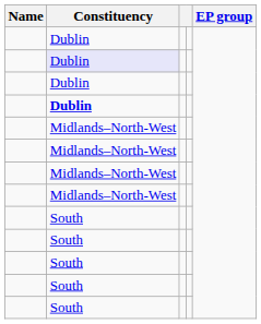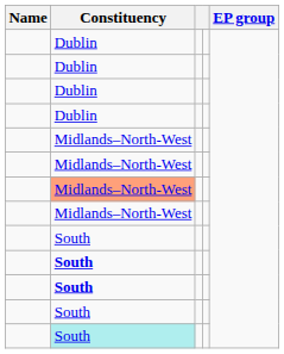 <table class="wikitable sortable">
 <tr>
 <th>Name</th>
 <th>Constituency</th>
 <th colspan=2></th>
 <th colspan=2><a href='#'>EP group</a></th>
 </tr>
 <tr>
 <td></td>
 <td><a href='#'>Dublin</a></td>
 <td></td>
 <td></td>
 </tr>
 <tr>
 <td></td>
-<td style="background: lavender;"><a href='#'>Dublin</a></td>
+<td><a href='#'>Dublin</a></td>
 <td></td>
 <td></td>
 </tr>
 <tr>
 <td></td>
 <td><a href='#'>Dublin</a></td>
 <td></td>
 <td></td>
 </tr>
 <tr>
 <td></td>
-<td><strong><a href='#'>Dublin</a></strong></td>
+<td><a href='#'>Dublin</a></td>
 <td></td>
 <td></td>
 </tr>
 <tr>
 <td></td>
 <td><a href='#'>Midlands–North-West</a></td>
 <td></td>
 <td></td>
 </tr>
 <tr>
 <td></td>
 <td><a href='#'>Midlands–North-West</a></td>
 <td></td>
 <td></td>
 </tr>
 <tr>
 <td></td>
-<td><a href='#'>Midlands–North-West</a></td>
+<td style="background: lightsalmon;"><a href='#'>Midlands–North-West</a></td>
 <td></td>
 <td></td>
 </tr>
 <tr>
 <td></td>
 <td><a href='#'>Midlands–North-West</a></td>
 <td></td>
 <td></td>
 </tr>
 <tr>
 <td></td>
 <td><a href='#'>South</a></td>
 <td></td>
 <td></td>
 </tr>
 <tr>
 <td></td>
-<td><a href='#'>South</a></td>
+<td><strong><a href='#'>South</a></strong></td>
+<td></td>
+<td></td>
+</tr>
+<tr>
+<td></td>
+<td><strong><a href='#'>South</a></strong></td>
 <td></td>
 <td></td>
 </tr>
 <tr>
 <td></td>
 <td><a href='#'>South</a></td>
 <td></td>
 <td></td>
 </tr>
 <tr>
 <td></td>
-<td><a href='#'>South</a></td>
-<td></td>
-<td></td>
-</tr>
-<tr>
-<td></td>
-<td><a href='#'>South</a></td>
+<td style="background: paleturquoise;"><a href='#'>South</a></td>
 <td></td>
 <td></td>
 </tr>
 </table>
